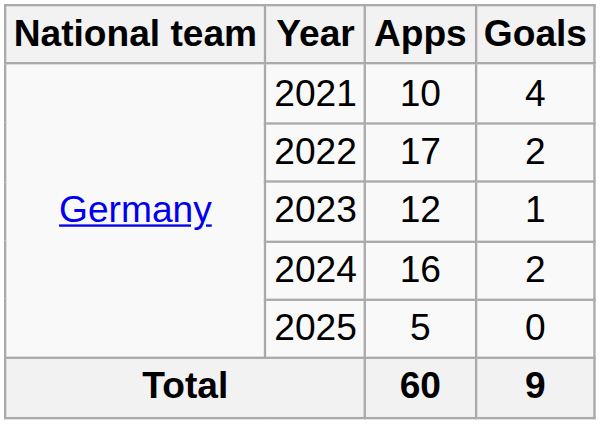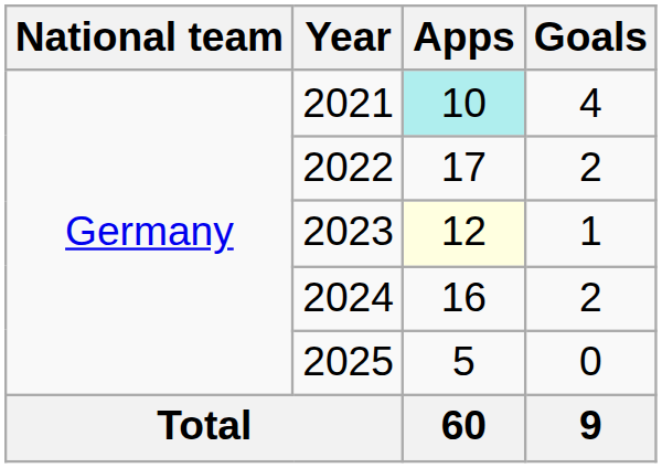 <table class="wikitable" style="text-align:center">
 <tr>
 <th>National team</th>
 <th>Year</th>
 <th>Apps</th>
 <th>Goals</th>
 </tr>
 <tr>
 <td rowspan="5"><a href='#'>Germany</a></td>
 <td>2021</td>
-<td>10</td>
+<td style="background: paleturquoise;">10</td>
 <td>4</td>
 </tr>
 <tr>
 <td>2022</td>
 <td>17</td>
 <td>2</td>
 </tr>
 <tr>
 <td>2023</td>
-<td>12</td>
+<td style="background: lightyellow;">12</td>
 <td>1</td>
 </tr>
 <tr>
 <td>2024</td>
 <td>16</td>
 <td>2</td>
 </tr>
 <tr>
 <td>2025</td>
 <td>5</td>
 <td>0</td>
 </tr>
 <tr>
 <th colspan="2">Total</th>
 <th>60</th>
 <th>9</th>
 </tr>
 </table>
